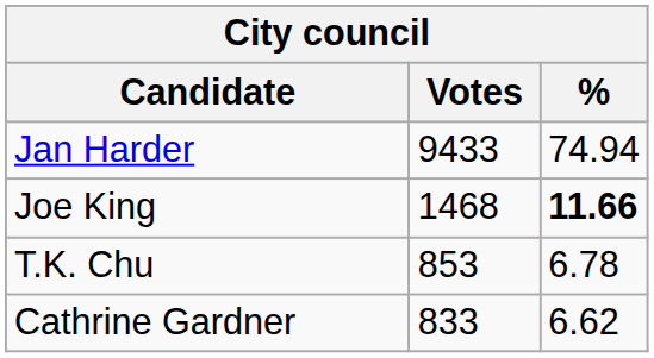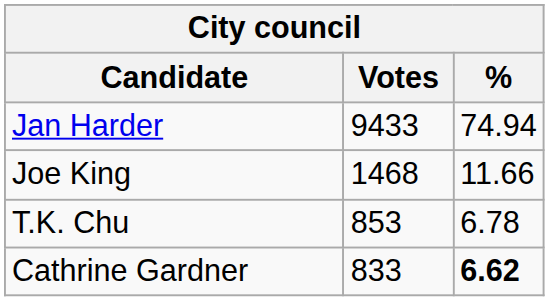 <table class="wikitable">
 <tr>
 <th colspan="3">City council</th>
 </tr>
 <tr>
 <th style="width: 170px">Candidate</th>
 <th style="width: 50px">Votes</th>
 <th style="width: 40px">%</th>
 </tr>
 <tr>
 <td><a href='#'>Jan Harder</a></td>
 <td>9433</td>
 <td>74.94</td>
 </tr>
 <tr>
 <td>Joe King</td>
 <td>1468</td>
-<td><strong>11.66</strong></td>
+<td>11.66</td>
 </tr>
 <tr>
 <td>T.K. Chu</td>
 <td>853</td>
 <td>6.78</td>
 </tr>
 <tr>
 <td>Cathrine Gardner</td>
 <td>833</td>
-<td>6.62</td>
+<td><strong>6.62</strong></td>
 </tr>
 </table>
